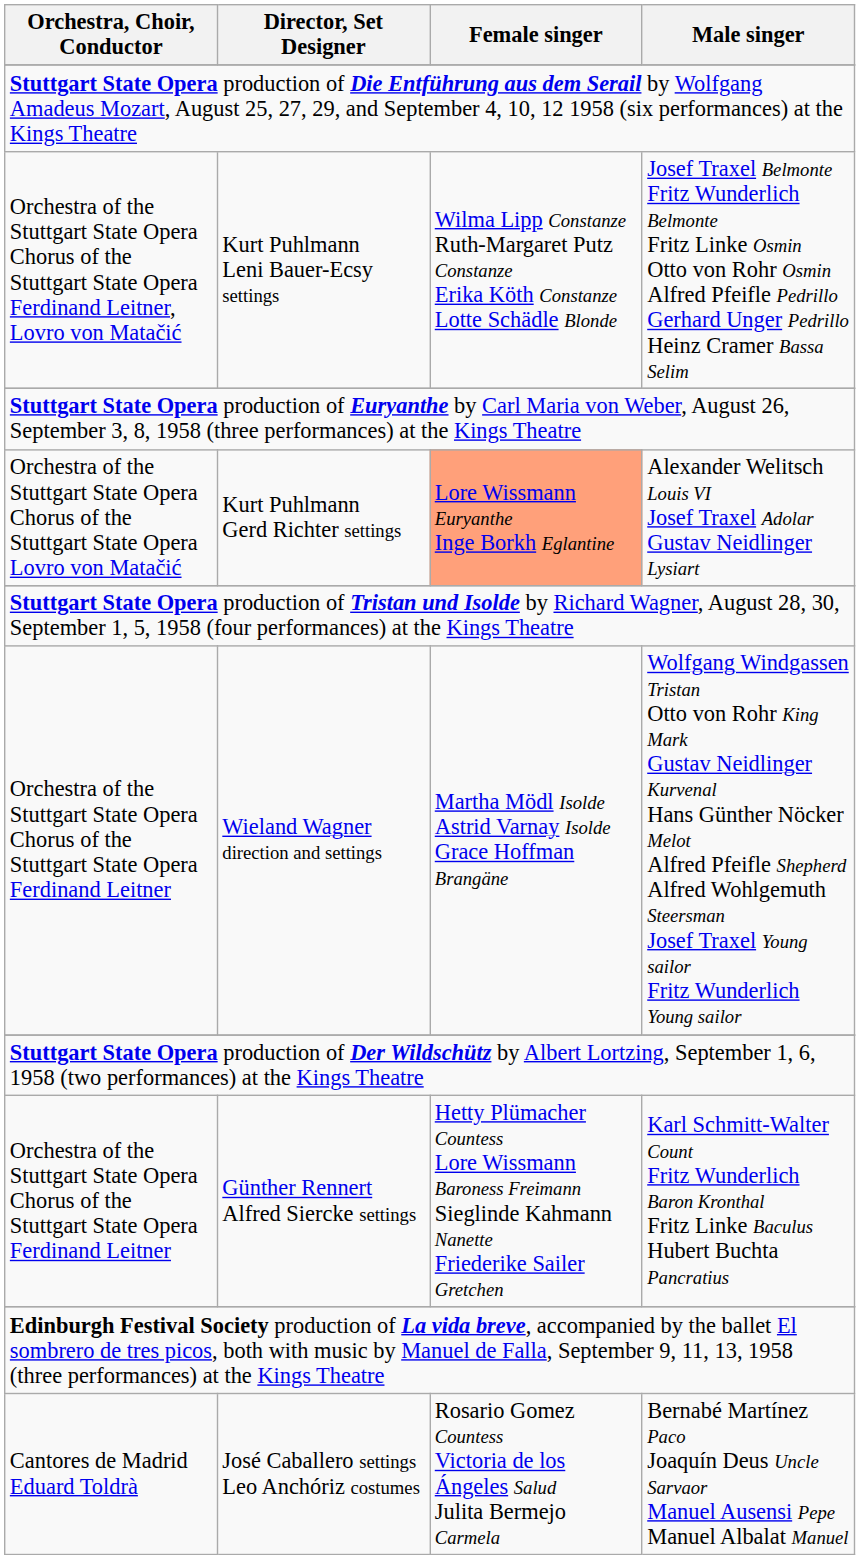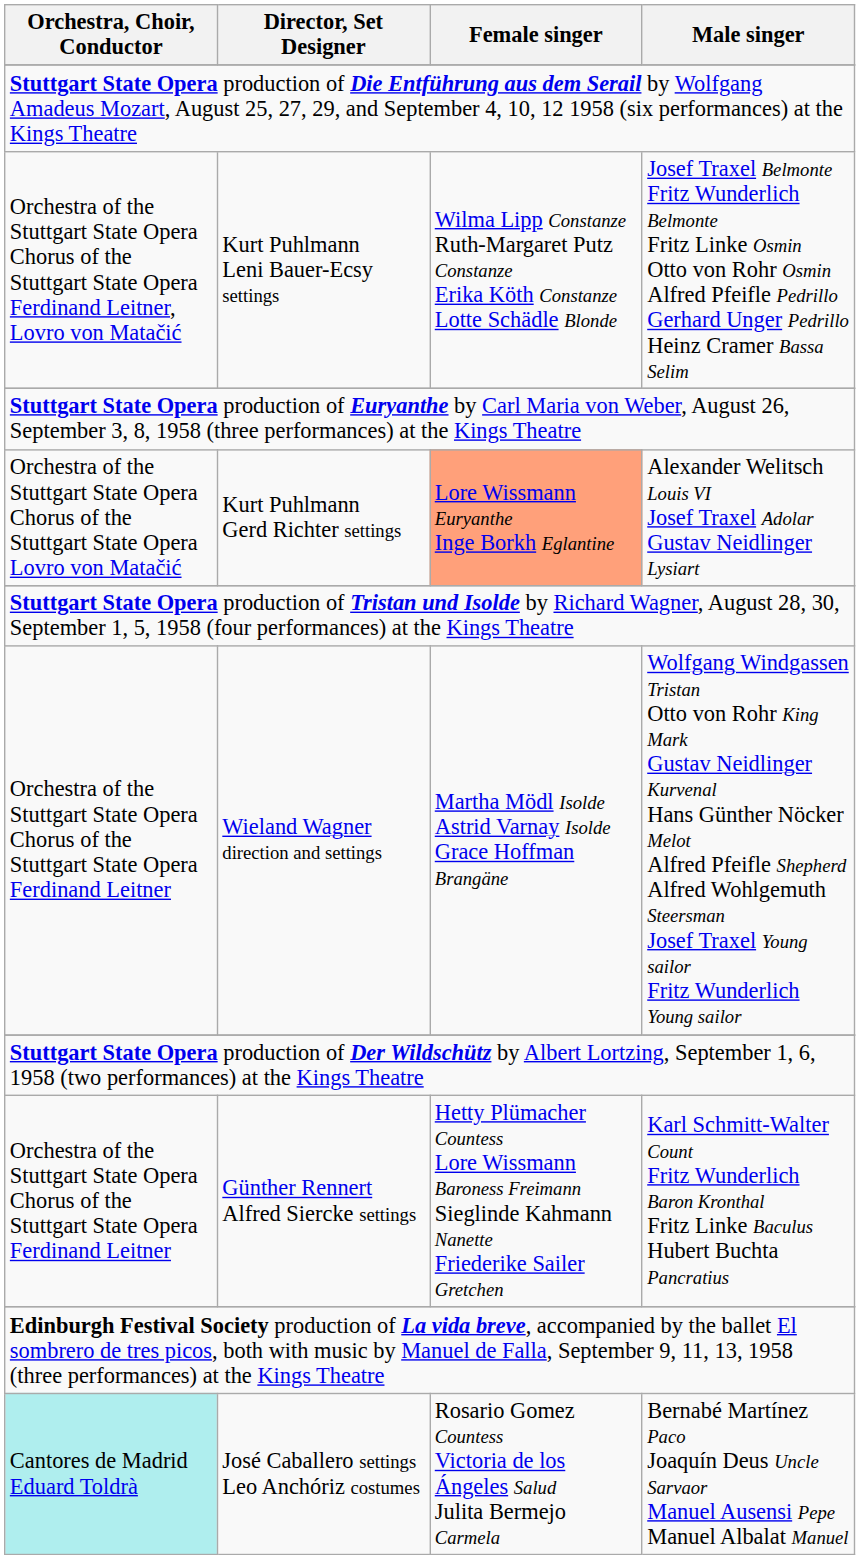 <table class="wikitable toptextcells">
 <tr class="hintergrundfarbe5">
 <th style="width:25%;">Orchestra, Choir, Conductor</th>
 <th style="width:25%;">Director, Set Designer</th>
 <th style="width:25%;">Female singer</th>
 <th style="width:25%;">Male singer</th>
 </tr>
 <tr>
 </tr>
 <tr class="hintergrundfarbe8">
 <td colspan="9"><strong><a href='#'>Stuttgart State Opera</a></strong> production of <strong><em><a href='#'>Die Entführung aus dem Serail</a></em></strong> by <a href='#'>Wolfgang Amadeus Mozart</a>, August 25, 27, 29, and September 4, 10, 12 1958 (six performances) at the <a href='#'>Kings Theatre</a></td>
 </tr>
 <tr>
 <td>Orchestra of the Stuttgart State Opera<br>Chorus of the Stuttgart State Opera<br><a href='#'>Ferdinand Leitner</a>, <a href='#'>Lovro von Matačić</a></td>
 <td>Kurt Puhlmann<br>Leni Bauer-Ecsy <small>settings</small></td>
 <td><a href='#'>Wilma Lipp</a> <small><em>Constanze</em></small><br>Ruth-Margaret Putz <small><em>Constanze</em></small><br><a href='#'>Erika Köth</a> <small><em>Constanze</em></small><br><a href='#'>Lotte Schädle</a> <small><em>Blonde</em></small><br></td>
 <td><a href='#'>Josef Traxel</a> <small><em>Belmonte</em></small><br><a href='#'>Fritz Wunderlich</a> <small><em>Belmonte</em></small><br>Fritz Linke <small><em>Osmin</em></small><br>Otto von Rohr <small><em>Osmin</em></small><br>Alfred Pfeifle <small><em>Pedrillo</em></small><br><a href='#'>Gerhard Unger</a> <small><em>Pedrillo</em></small><br>Heinz Cramer <small><em>Bassa Selim</em></small></td>
 </tr>
 <tr>
 </tr>
 <tr class="hintergrundfarbe8">
 <td colspan="9"><strong><a href='#'>Stuttgart State Opera</a></strong> production of <strong><em><a href='#'>Euryanthe</a></em></strong> by <a href='#'>Carl Maria von Weber</a>, August 26, September 3, 8, 1958 (three performances) at the <a href='#'>Kings Theatre</a></td>
 </tr>
 <tr>
 <td>Orchestra of the Stuttgart State Opera<br>Chorus of the Stuttgart State Opera<br><a href='#'>Lovro von Matačić</a></td>
 <td>Kurt Puhlmann<br>Gerd Richter <small>settings</small></td>
 <td style="background: lightsalmon;"><a href='#'>Lore Wissmann</a> <small><em>Euryanthe</em></small><br><a href='#'>Inge Borkh</a> <small><em>Eglantine</em></small></td>
 <td>Alexander Welitsch <small><em>Louis VI</em></small><br><a href='#'>Josef Traxel</a> <small><em>Adolar</em></small><br><a href='#'>Gustav Neidlinger</a> <small><em>Lysiart</em></small></td>
 </tr>
 <tr>
 </tr>
 <tr class="hintergrundfarbe8">
 <td colspan="9"><strong><a href='#'>Stuttgart State Opera</a></strong> production of <strong><em><a href='#'>Tristan und Isolde</a></em></strong> by <a href='#'>Richard Wagner</a>, August 28, 30, September 1, 5, 1958 (four performances) at the <a href='#'>Kings Theatre</a></td>
 </tr>
 <tr>
 <td>Orchestra of the Stuttgart State Opera<br>Chorus of the Stuttgart State Opera<br><a href='#'>Ferdinand Leitner</a></td>
 <td><a href='#'>Wieland Wagner</a><br> <small>direction and settings</small></td>
 <td><a href='#'>Martha Mödl</a> <small><em>Isolde</em></small><br><a href='#'>Astrid Varnay</a> <small><em>Isolde</em></small><br><a href='#'>Grace Hoffman</a> <small><em>Brangäne</em></small></td>
 <td><a href='#'>Wolfgang Windgassen</a> <small><em>Tristan</em></small><br>Otto von Rohr <small><em>King Mark</em></small><br><a href='#'>Gustav Neidlinger</a> <small><em>Kurvenal</em></small><br>Hans Günther Nöcker <small><em>Melot</em></small><br>Alfred Pfeifle <small><em>Shepherd</em></small><br>Alfred Wohlgemuth <small><em>Steersman</em></small><br><a href='#'>Josef Traxel</a> <small><em>Young sailor</em></small><br><a href='#'>Fritz Wunderlich</a> <small><em>Young sailor</em></small></td>
 </tr>
 <tr>
 </tr>
 <tr class="hintergrundfarbe8">
 <td colspan="9"><strong><a href='#'>Stuttgart State Opera</a></strong> production of <strong><em><a href='#'>Der Wildschütz</a></em></strong> by <a href='#'>Albert Lortzing</a>, September 1, 6, 1958 (two performances) at the <a href='#'>Kings Theatre</a></td>
 </tr>
 <tr>
 <td>Orchestra of the Stuttgart State Opera<br>Chorus of the Stuttgart State Opera<br><a href='#'>Ferdinand Leitner</a></td>
 <td><a href='#'>Günther Rennert</a><br> Alfred Siercke <small>settings</small></td>
 <td><a href='#'>Hetty Plümacher</a> <small><em>Countess</em></small><br><a href='#'>Lore Wissmann</a> <small><em>Baroness Freimann</em></small><br>Sieglinde Kahmann <small><em>Nanette</em></small><br><a href='#'>Friederike Sailer</a> <small><em>Gretchen</em></small></td>
 <td><a href='#'>Karl Schmitt-Walter</a> <small><em>Count</em></small><br><a href='#'>Fritz Wunderlich</a> <small><em>Baron Kronthal</em></small><br>Fritz Linke <small><em>Baculus</em></small><br>Hubert Buchta <small><em>Pancratius</em></small></td>
 </tr>
 <tr>
 </tr>
 <tr class="hintergrundfarbe8">
 <td colspan="9"><strong>Edinburgh Festival Society</strong> production of <strong><em><a href='#'>La vida breve</a></em></strong>, accompanied by the ballet <a href='#'>El sombrero de tres picos</a>, both with music by <a href='#'>Manuel de Falla</a>, September 9, 11, 13, 1958 (three performances) at the <a href='#'>Kings Theatre</a></td>
 </tr>
 <tr>
-<td>Cantores de Madrid<br><a href='#'>Eduard Toldrà</a></td>
+<td style="background: paleturquoise;">Cantores de Madrid<br><a href='#'>Eduard Toldrà</a></td>
 <td>José Caballero <small>settings</small><br>Leo Anchóriz <small>costumes</small></td>
 <td>Rosario Gomez <small><em>Countess</em></small><br><a href='#'>Victoria de los Ángeles</a> <small><em>Salud</em></small><br>Julita Bermejo <small><em>Carmela</em></small></td>
 <td>Bernabé Martínez <small><em>Paco</em></small><br>Joaquín Deus <small><em>Uncle Sarvaor</em></small><br><a href='#'>Manuel Ausensi</a> <small><em>Pepe</em></small><br>Manuel Albalat <small><em>Manuel</em></small></td>
 </tr>
 </table>
